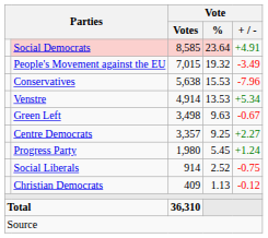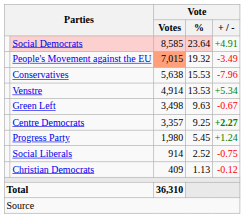 <table class="wikitable" style="text-align:right;">
 <tr>
 <th style="text-align:centre;" rowspan="2" colspan="2" width="225">Parties</th>
 <th colspan="3">Vote</th>
 </tr>
 <tr>
 <th width="15">Votes</th>
 <th width="15">%</th>
 <th width="15">+ / -</th>
 </tr>
 <tr>
 <td width="2" style="color:inherit;background:"></td>
 <td bgcolor=#fbd0ce   align="left"><a href='#'>Social Democrats</a></td>
 <td bgcolor=#fbd0ce>8,585</td>
 <td bgcolor=#fbd0ce>23.64</td>
 <td style=color:green;>+4.91</td>
 </tr>
 <tr>
 <td width="2" style="color:inherit;background:"></td>
 <td align="left"><a href='#'>People's Movement against the EU</a></td>
-<td>7,015</td>
+<td style="background: lightsalmon;">7,015</td>
 <td>19.32</td>
 <td style=color:red;>-3.49</td>
 </tr>
 <tr>
 <td width="2" style="color:inherit;background:"></td>
 <td align="left"><a href='#'>Conservatives</a></td>
 <td>5,638</td>
 <td>15.53</td>
 <td style=color:red;>-7.96</td>
 </tr>
 <tr>
 <td width="2" style="color:inherit;background:"></td>
 <td align="left"><a href='#'>Venstre</a></td>
 <td>4,914</td>
 <td>13.53</td>
 <td style=color:green;>+5.34</td>
 </tr>
 <tr>
 <td width="2" style="color:inherit;background:"></td>
 <td align="left"><a href='#'>Green Left</a></td>
 <td>3,498</td>
 <td>9.63</td>
 <td style=color:red;>-0.67</td>
 </tr>
 <tr>
 <td width="2" style="color:inherit;background:"></td>
 <td align="left"><a href='#'>Centre Democrats</a></td>
 <td>3,357</td>
 <td>9.25</td>
-<td style=color:green;>+2.27</td>
+<td style=color:green;><strong>+2.27</strong></td>
 </tr>
 <tr>
 <td width="2" style="color:inherit;background:"></td>
 <td align="left"><a href='#'>Progress Party</a></td>
 <td>1,980</td>
 <td>5.45</td>
 <td style=color:green;>+1.24</td>
 </tr>
 <tr>
 <td width="2" style="color:inherit;background:"></td>
 <td align="left"><a href='#'>Social Liberals</a></td>
 <td>914</td>
 <td>2.52</td>
 <td style=color:red;>-0.75</td>
 </tr>
 <tr>
 <td width="2" style="color:inherit;background:"></td>
 <td align="left"><a href='#'>Christian Democrats</a></td>
 <td>409</td>
 <td>1.13</td>
 <td style=color:red;>-0.12</td>
 </tr>
 <tr>
 <td colspan="7" bgcolor="#E9E9E9"></td>
 </tr>
 <tr>
 <td align="left" colspan="2"><strong>Total</strong></td>
 <td><strong>36,310</strong></td>
 <td bgcolor="#E9E9E9" colspan="2"></td>
 </tr>
 <tr>
 <td align="left" colspan="6">Source</td>
 </tr>
 </table>
